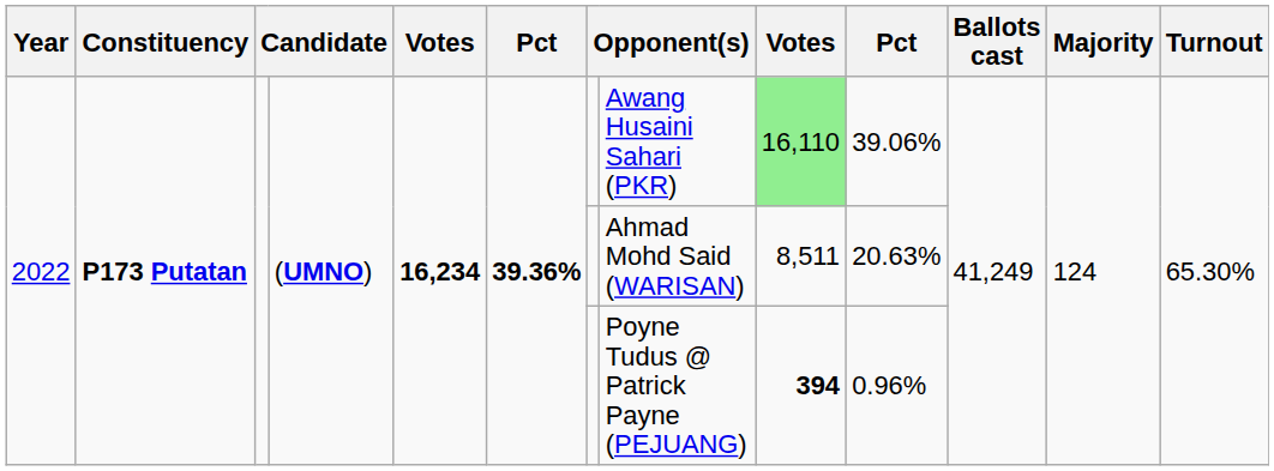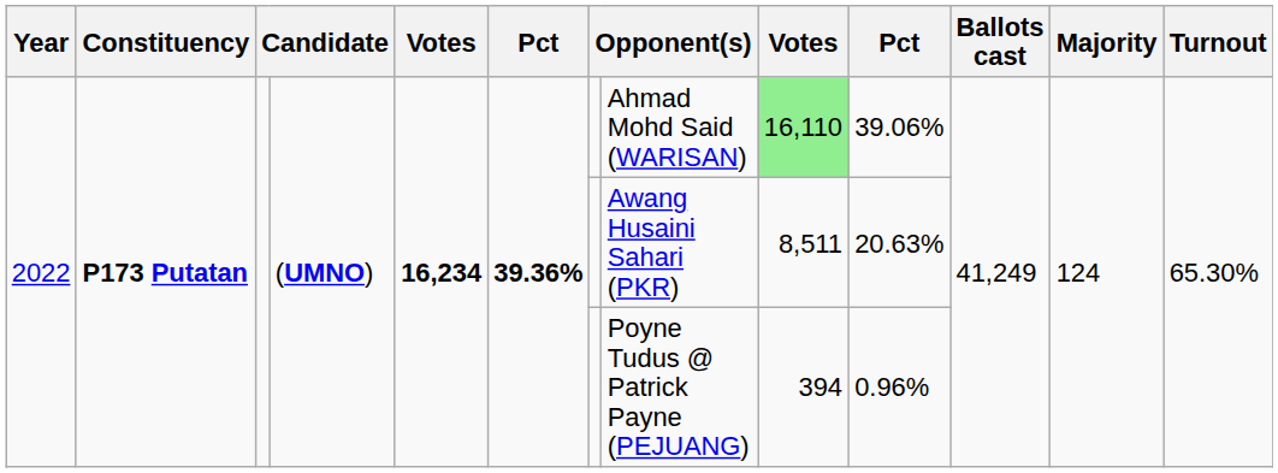 <table class="wikitable" style="margin:0.5em ; font-size:95%">
 <tr>
 <th>Year</th>
 <th>Constituency</th>
 <th colspan=2>Candidate</th>
 <th>Votes</th>
 <th>Pct</th>
 <th colspan=2>Opponent(s)</th>
 <th>Votes</th>
 <th>Pct</th>
 <th>Ballots cast</th>
 <th>Majority</th>
 <th>Turnout</th>
 </tr>
 <tr>
 <td rowspan="3"><a href='#'>2022</a></td>
 <td rowspan="3"><strong>P173 <a href='#'>Putatan</a></strong></td>
 <td rowspan="3" ></td>
 <td rowspan="3"> (<a href='#'><strong>UMNO</strong></a>)</td>
 <td rowspan="3" align="right"><strong>16,234</strong></td>
 <td rowspan="3"><strong>39.36%</strong></td>
 <td></td>
-<td><a href='#'>Awang Husaini Sahari</a> (<a href='#'>PKR</a>)</td>
+<td>Ahmad Mohd Said (<a href='#'>WARISAN</a>)</td>
 <td align="right" style="background: lightgreen;">16,110</td>
 <td>39.06%</td>
 <td rowspan="3">41,249</td>
 <td rowspan="3">124</td>
 <td rowspan="3">65.30%</td>
 </tr>
 <tr>
 <td></td>
-<td>Ahmad Mohd Said (<a href='#'>WARISAN</a>)</td>
+<td><a href='#'>Awang Husaini Sahari</a> (<a href='#'>PKR</a>)</td>
 <td align="right">8,511</td>
 <td>20.63%</td>
 </tr>
 <tr>
 <td bgcolor=></td>
 <td>Poyne Tudus @ Patrick Payne (<a href='#'>PEJUANG</a>)</td>
-<td align="right"><strong>394</strong></td>
+<td align="right">394</td>
 <td>0.96%</td>
 </tr>
 </table>
